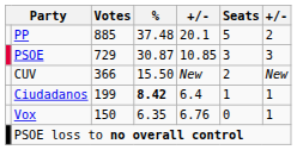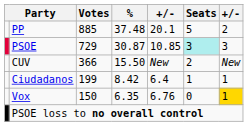 <table class="wikitable">
 <tr>
 <th colspan="2">Party</th>
 <th>Votes</th>
 <th>%</th>
 <th>+/-</th>
 <th>Seats</th>
 <th>+/-</th>
 </tr>
 <tr>
 <td></td>
 <td><a href='#'>PP</a></td>
 <td>885</td>
 <td>37.48</td>
 <td> 20.1</td>
 <td>5</td>
 <td> 2</td>
 </tr>
 <tr>
 <td bgcolor="#E4003B"></td>
 <td><a href='#'>PSOE</a></td>
 <td>729</td>
 <td>30.87</td>
 <td> 10.85</td>
-<td>3</td>
+<td style="background: paleturquoise;">3</td>
 <td> 3</td>
 </tr>
 <tr>
 <td></td>
 <td>CUV</td>
 <td>366</td>
 <td>15.50</td>
 <td><em>New</em></td>
 <td>2</td>
 <td><em>New</em></td>
 </tr>
 <tr>
 <td></td>
 <td><a href='#'>Ciudadanos</a></td>
 <td>199</td>
-<td><strong>8.42</strong></td>
+<td>8.42</td>
 <td> 6.4</td>
 <td>1</td>
 <td> 1</td>
 </tr>
 <tr>
 <td></td>
 <td><a href='#'>Vox</a></td>
 <td>150</td>
 <td>6.35</td>
 <td> 6.76</td>
 <td>0</td>
-<td> 1</td>
+<td style="background: gold;"> 1</td>
 </tr>
 <tr>
 <td bgcolor="black"></td>
 <td colspan="6">PSOE loss to <strong>no overall control</strong></td>
 </tr>
 </table>
